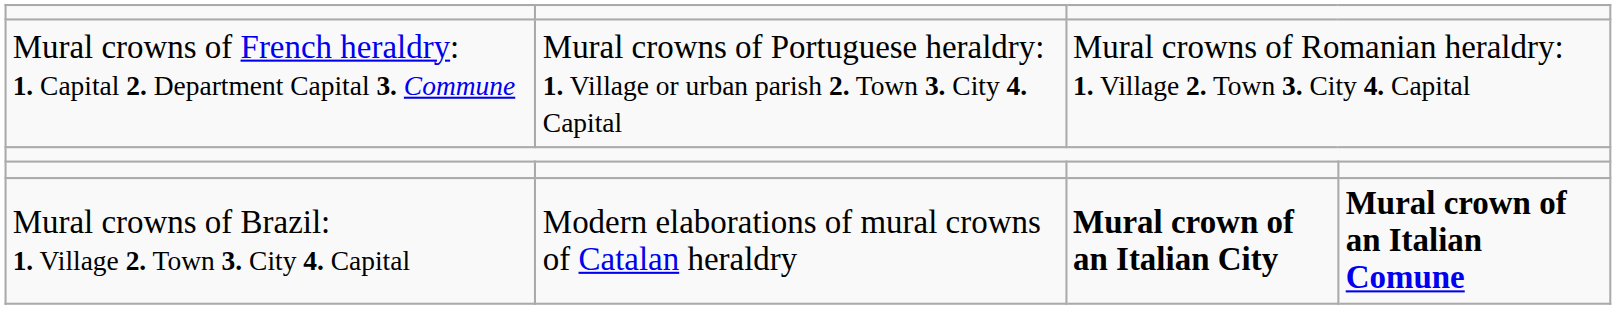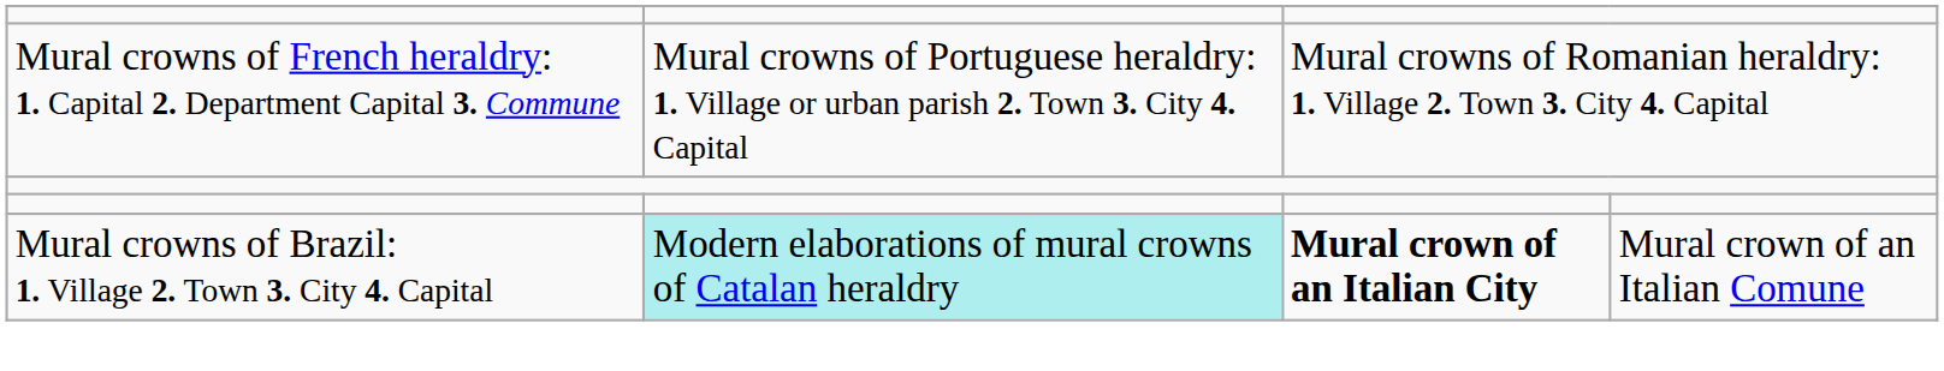 <table class="wikitable" style="margin:1em auto;">
 <tr class="center">
 <td width=250px></td>
 <td width=250px></td>
 <td colspan="2" width=250px></td>
 </tr>
 <tr>
 <td style="vertical-align:top">Mural crowns of <a href='#'>French heraldry</a>:<br><small><strong>1.</strong> Capital <strong>2.</strong> Department Capital <strong>3.</strong> <em><a href='#'>Commune</a></em></small></td>
 <td style="vertical-align:top">Mural crowns of Portuguese heraldry:<br><small><strong>1.</strong> Village or urban parish <strong>2.</strong> Town <strong>3.</strong> City <strong>4.</strong> Capital</small></td>
 <td style="vertical-align:top" colspan="2">Mural crowns of Romanian heraldry:<br><small><strong>1.</strong> Village <strong>2.</strong> Town <strong>3.</strong> City <strong>4.</strong> Capital</small></td>
 </tr>
 <tr>
 <td colspan="4"></td>
 </tr>
 <tr class="center">
 <td></td>
 <td></td>
 <td width=125px></td>
 <td width=125px></td>
 </tr>
 <tr>
 <td>Mural crowns of Brazil:<br><small><strong>1.</strong> Village <strong>2.</strong> Town <strong>3.</strong> City <strong>4.</strong> Capital</small></td>
-<td>Modern elaborations of mural crowns of <a href='#'>Catalan</a> heraldry</td>
+<td style="background: paleturquoise;">Modern elaborations of mural crowns of <a href='#'>Catalan</a> heraldry</td>
 <td><strong>Mural crown of an Italian City</strong></td>
-<td><strong>Mural crown of an Italian <a href='#'>Comune</a></strong></td>
+<td>Mural crown of an Italian <a href='#'>Comune</a></td>
 </tr>
 </table>
